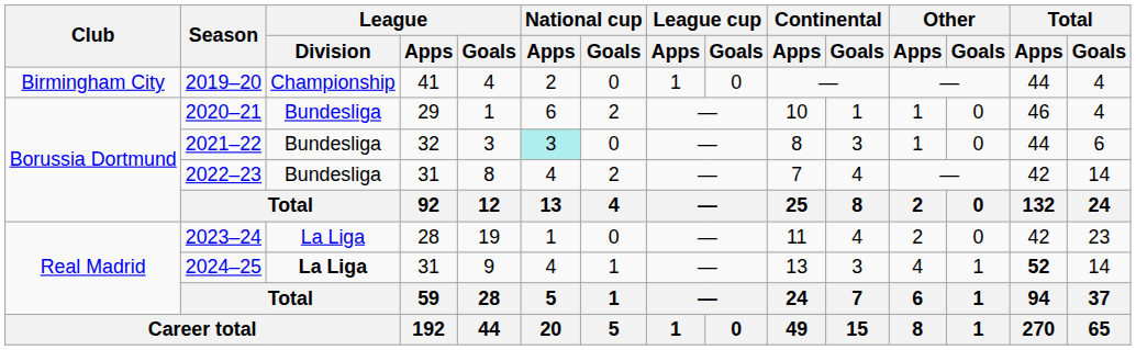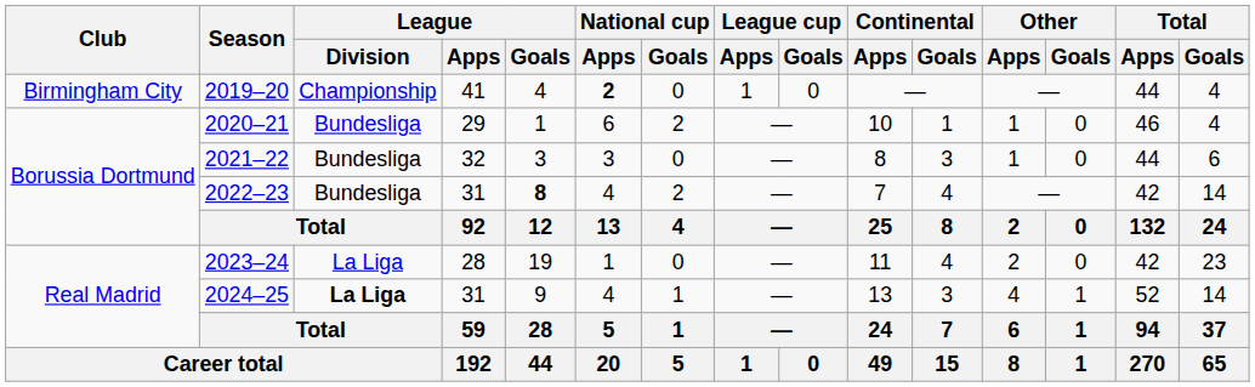 <table class="wikitable" style="text-align: center;">
 <tr>
 <th rowspan="2">Club</th>
 <th rowspan="2">Season</th>
 <th colspan="3">League</th>
 <th colspan="2">National cup</th>
 <th colspan="2">League cup</th>
 <th colspan="2">Continental</th>
 <th colspan="2">Other</th>
 <th colspan="2">Total</th>
 </tr>
 <tr>
 <th>Division</th>
 <th>Apps</th>
 <th>Goals</th>
 <th>Apps</th>
 <th>Goals</th>
 <th>Apps</th>
 <th>Goals</th>
 <th>Apps</th>
 <th>Goals</th>
 <th>Apps</th>
 <th>Goals</th>
 <th>Apps</th>
 <th>Goals</th>
 </tr>
 <tr>
 <td><a href='#'>Birmingham City</a></td>
 <td><a href='#'>2019–20</a></td>
 <td><a href='#'>Championship</a></td>
 <td>41</td>
 <td>4</td>
-<td>2</td>
+<td><strong>2</strong></td>
 <td>0</td>
 <td>1</td>
 <td>0</td>
 <td colspan="2">—</td>
 <td colspan="2">—</td>
 <td>44</td>
 <td>4</td>
 </tr>
 <tr>
 <td rowspan="4"><a href='#'>Borussia Dortmund</a></td>
 <td><a href='#'>2020–21</a></td>
 <td><a href='#'>Bundesliga</a></td>
 <td>29</td>
 <td>1</td>
 <td>6</td>
 <td>2</td>
 <td colspan="2">—</td>
 <td>10</td>
 <td>1</td>
 <td>1</td>
 <td>0</td>
 <td>46</td>
 <td>4</td>
 </tr>
 <tr>
 <td><a href='#'>2021–22</a></td>
 <td>Bundesliga</td>
 <td>32</td>
 <td>3</td>
-<td style="background: paleturquoise;">3</td>
+<td>3</td>
 <td>0</td>
 <td colspan="2">—</td>
 <td>8</td>
 <td>3</td>
 <td>1</td>
 <td>0</td>
 <td>44</td>
 <td>6</td>
 </tr>
 <tr>
 <td><a href='#'>2022–23</a></td>
 <td>Bundesliga</td>
 <td>31</td>
-<td>8</td>
+<td><strong>8</strong></td>
 <td>4</td>
 <td>2</td>
 <td colspan="2">—</td>
 <td>7</td>
 <td>4</td>
 <td colspan="2">—</td>
 <td>42</td>
 <td>14</td>
 </tr>
 <tr>
 <th colspan="2">Total</th>
 <th>92</th>
 <th>12</th>
 <th>13</th>
 <th>4</th>
 <th colspan="2">—</th>
 <th>25</th>
 <th>8</th>
 <th>2</th>
 <th>0</th>
 <th>132</th>
 <th>24</th>
 </tr>
 <tr>
 <td rowspan=3><a href='#'>Real Madrid</a></td>
 <td><a href='#'>2023–24</a></td>
 <td><a href='#'>La Liga</a></td>
 <td>28</td>
 <td>19</td>
 <td>1</td>
 <td>0</td>
 <td colspan="2">—</td>
 <td>11</td>
 <td>4</td>
 <td>2</td>
 <td>0</td>
 <td>42</td>
 <td>23</td>
 </tr>
 <tr>
 <td><a href='#'>2024–25</a></td>
 <td><strong>La Liga</strong></td>
 <td>31</td>
 <td>9</td>
 <td>4</td>
 <td>1</td>
 <td colspan="2">—</td>
 <td>13</td>
 <td>3</td>
 <td>4</td>
 <td>1</td>
-<td><strong>52</strong></td>
+<td>52</td>
 <td>14</td>
 </tr>
 <tr>
 <th colspan="2">Total</th>
 <th>59</th>
 <th>28</th>
 <th>5</th>
 <th>1</th>
 <th colspan="2">—</th>
 <th>24</th>
 <th>7</th>
 <th>6</th>
 <th>1</th>
 <th>94</th>
 <th>37</th>
 </tr>
 <tr>
 <th colspan="3">Career total</th>
 <th>192</th>
 <th>44</th>
 <th>20</th>
 <th>5</th>
 <th>1</th>
 <th>0</th>
 <th>49</th>
 <th>15</th>
 <th>8</th>
 <th>1</th>
 <th>270</th>
 <th>65</th>
 </tr>
 </table>
